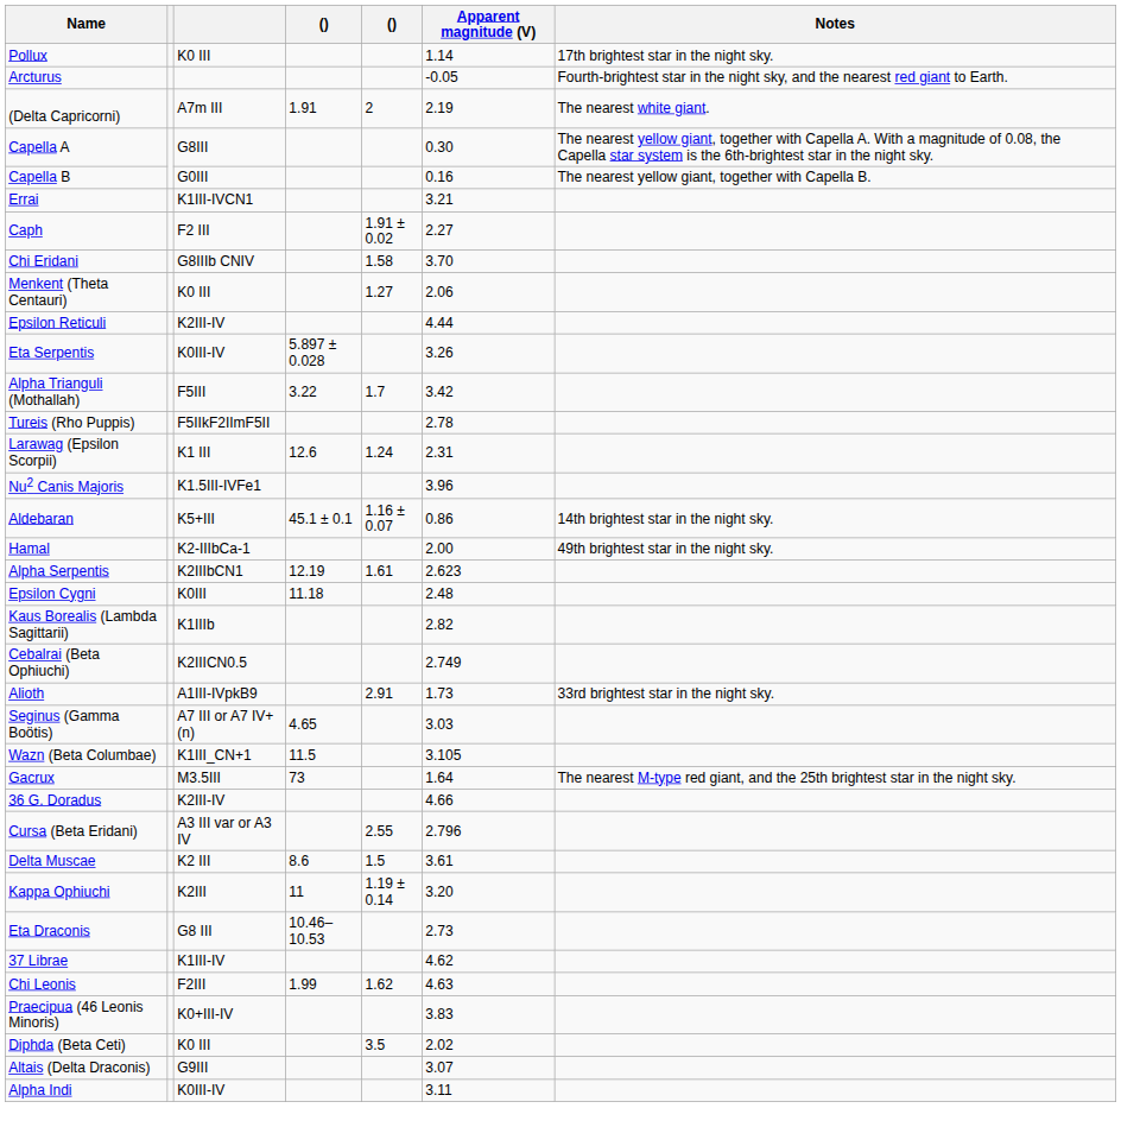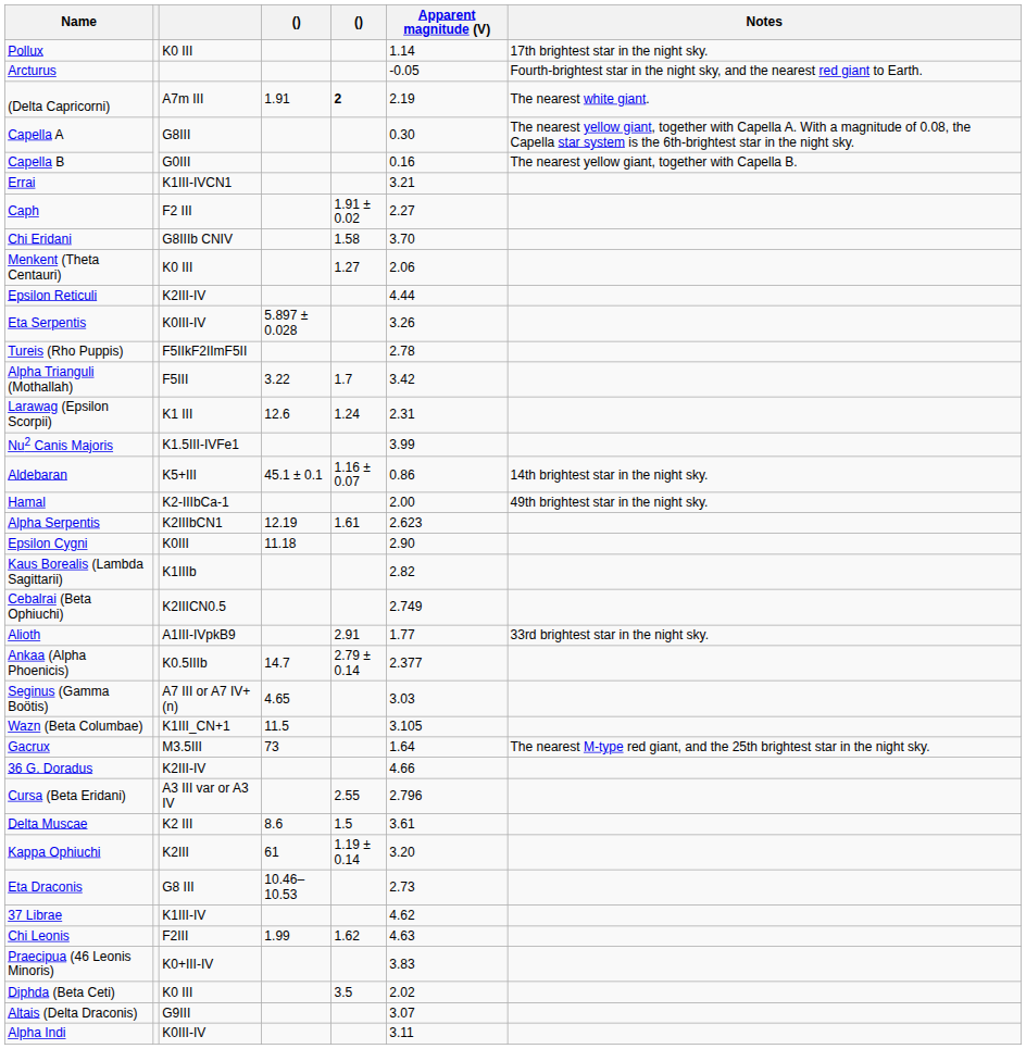 <table class="wikitable sortable sticky-header">
 <tr>
 <th>Name</th>
 <th></th>
 <th></th>
 <th> ()</th>
 <th> ()</th>
 <th><a href='#'>Apparent magnitude</a> (V)</th>
 <th>Notes</th>
 </tr>
 <tr>
 <td><a href='#'>Pollux</a></td>
 <td></td>
 <td style="background: ">K0 III</td>
 <td></td>
 <td></td>
 <td>1.14</td>
 <td>17th brightest star in the night sky.</td>
 </tr>
 <tr>
 <td><a href='#'>Arcturus</a></td>
 <td></td>
 <td style="background: "></td>
 <td></td>
 <td></td>
 <td>-0.05</td>
 <td>Fourth-brightest star in the night sky, and the nearest <a href='#'>red giant</a> to Earth.</td>
 </tr>
 <tr>
 <td><br>(Delta Capricorni)</td>
 <td></td>
 <td style="background: ">A7m III</td>
 <td>1.91</td>
-<td>2</td>
+<td><strong>2</strong></td>
 <td>2.19</td>
 <td>The nearest <a href='#'>white giant</a>.</td>
 </tr>
 <tr>
 <td><a href='#'>Capella</a> A</td>
 <td rowspan="2"></td>
 <td style="background: ">G8III</td>
 <td></td>
 <td></td>
 <td>0.30</td>
 <td>The nearest <a href='#'>yellow giant</a>, together with Capella A. With a magnitude of 0.08, the Capella <a href='#'>star system</a> is the 6th-brightest star in the night sky.</td>
 </tr>
 <tr>
 <td><a href='#'>Capella</a> B</td>
 <td style="background: ">G0III</td>
 <td></td>
 <td></td>
 <td>0.16</td>
 <td>The nearest yellow giant, together with Capella B.</td>
 </tr>
 <tr>
 <td><a href='#'>Errai</a> </td>
 <td></td>
 <td style="background: ">K1III-IVCN1</td>
 <td></td>
 <td></td>
 <td>3.21</td>
 <td></td>
 </tr>
 <tr>
 <td><a href='#'>Caph</a> </td>
 <td></td>
 <td style="background: ">F2 III</td>
 <td></td>
 <td>1.91 ± 0.02</td>
 <td>2.27 </td>
 <td></td>
 </tr>
 <tr>
 <td><a href='#'>Chi Eridani</a></td>
 <td></td>
 <td style="background: ">G8IIIb CNIV</td>
 <td></td>
 <td>1.58</td>
 <td>3.70</td>
 <td></td>
 </tr>
 <tr>
 <td><a href='#'>Menkent</a> (Theta Centauri)</td>
 <td></td>
 <td style="background: ">K0 III</td>
 <td></td>
 <td>1.27</td>
 <td>2.06</td>
 <td></td>
 </tr>
 <tr>
 <td><a href='#'>Epsilon Reticuli</a></td>
 <td></td>
 <td style="background: ">K2III-IV</td>
 <td></td>
 <td></td>
 <td>4.44</td>
 <td></td>
 </tr>
 <tr>
 <td><a href='#'>Eta Serpentis</a></td>
 <td></td>
 <td style="background: ">K0III-IV</td>
 <td>5.897 ± 0.028</td>
 <td></td>
 <td>3.26</td>
 <td></td>
 </tr>
 <tr>
+<td><a href='#'>Tureis</a> (Rho Puppis)</td>
+<td></td>
+<td style="background: ">F5IIkF2IImF5II</td>
+<td></td>
+<td></td>
+<td>2.78 </td>
+<td></td>
+</tr>
+<tr>
 <td><a href='#'>Alpha Trianguli</a> (Mothallah)</td>
 <td></td>
 <td style="background: ">F5III</td>
 <td>3.22</td>
 <td>1.7</td>
 <td>3.42</td>
-<td></td>
-</tr>
-<tr>
-<td><a href='#'>Tureis</a> (Rho Puppis)</td>
-<td></td>
-<td style="background: ">F5IIkF2IImF5II</td>
-<td></td>
-<td></td>
-<td>2.78 </td>
 <td></td>
 </tr>
 <tr>
 <td><a href='#'>Larawag</a> (Epsilon Scorpii)</td>
 <td></td>
 <td style="background: ">K1 III</td>
 <td>12.6</td>
 <td>1.24</td>
 <td>2.31 </td>
 <td></td>
 </tr>
 <tr>
 <td><a href='#'>Nu<sup>2</sup> Canis Majoris</a></td>
 <td></td>
 <td style="background: ">K1.5III-IVFe1</td>
 <td></td>
 <td></td>
-<td>3.96</td>
+<td>3.99</td>
 <td></td>
 </tr>
 <tr>
 <td><a href='#'>Aldebaran</a></td>
 <td></td>
 <td style="background: ">K5+III</td>
 <td> 45.1 ± 0.1</td>
 <td>1.16 ± 0.07</td>
 <td>0.86 </td>
 <td>14th brightest star in the night sky.</td>
 </tr>
 <tr>
 <td><a href='#'>Hamal</a></td>
 <td></td>
 <td style="background: ">K2-IIIbCa-1</td>
 <td></td>
 <td></td>
 <td>2.00</td>
 <td>49th brightest star in the night sky.</td>
 </tr>
 <tr>
 <td><a href='#'>Alpha Serpentis</a></td>
 <td></td>
 <td style="background: ">K2IIIbCN1</td>
 <td>12.19</td>
 <td>1.61</td>
 <td>2.623</td>
 <td></td>
 </tr>
 <tr>
 <td><a href='#'>Epsilon Cygni</a></td>
 <td></td>
 <td style="background: ">K0III</td>
 <td>11.18</td>
 <td></td>
-<td>2.48</td>
+<td>2.90</td>
 <td></td>
 </tr>
 <tr>
 <td><a href='#'>Kaus Borealis</a> (Lambda Sagittarii)</td>
 <td></td>
 <td style="background: ">K1IIIb</td>
 <td></td>
 <td></td>
 <td>2.82</td>
 <td></td>
 </tr>
 <tr>
 <td><a href='#'>Cebalrai</a> (Beta Ophiuchi)</td>
 <td></td>
 <td style="background: ">K2IIICN0.5</td>
 <td></td>
 <td></td>
 <td>2.749</td>
 <td></td>
 </tr>
 <tr>
 <td><a href='#'>Alioth</a></td>
 <td></td>
 <td style="background: ">A1III-IVpkB9</td>
 <td></td>
 <td>2.91</td>
-<td>1.73</td>
+<td>1.77</td>
 <td>33rd brightest star in the night sky.</td>
+</tr>
+<tr>
+<td><a href='#'>Ankaa</a> (Alpha Phoenicis)</td>
+<td></td>
+<td style="background: ">K0.5IIIb</td>
+<td>14.7</td>
+<td>2.79 ± 0.14</td>
+<td>2.377</td>
+<td></td>
 </tr>
 <tr>
 <td><a href='#'>Seginus</a> (Gamma Boötis)</td>
 <td></td>
 <td style="background: ">A7 III or A7 IV+(n)</td>
 <td>4.65</td>
 <td></td>
 <td>3.03 </td>
 <td></td>
 </tr>
 <tr>
 <td><a href='#'>Wazn</a> (Beta Columbae)</td>
 <td></td>
 <td style="background: ">K1III_CN+1</td>
 <td>11.5</td>
 <td></td>
 <td>3.105</td>
 <td></td>
 </tr>
 <tr>
 <td><a href='#'>Gacrux</a></td>
 <td></td>
 <td style="background: ">M3.5III</td>
 <td>73</td>
 <td></td>
 <td>1.64</td>
 <td>The nearest <a href='#'>M-type</a> red giant, and the 25th brightest star in the night sky.</td>
 </tr>
 <tr>
 <td><a href='#'>36 G. Doradus</a></td>
 <td></td>
 <td style="background: ">K2III-IV</td>
 <td></td>
 <td></td>
 <td>4.66</td>
 <td></td>
 </tr>
 <tr>
 <td><a href='#'>Cursa</a> (Beta Eridani)</td>
 <td></td>
 <td style="background: ">A3 III var or A3 IV</td>
 <td></td>
 <td>2.55</td>
 <td>2.796</td>
 <td></td>
 </tr>
 <tr>
 <td><a href='#'>Delta Muscae</a></td>
 <td></td>
 <td style="background: ">K2 III</td>
 <td>8.6</td>
 <td>1.5</td>
 <td>3.61</td>
 <td></td>
 </tr>
 <tr>
 <td><a href='#'>Kappa Ophiuchi</a></td>
 <td></td>
 <td style="background: ">K2III</td>
-<td>11</td>
+<td>61</td>
 <td>1.19 ± 0.14</td>
 <td>3.20</td>
 <td></td>
 </tr>
 <tr>
 <td><a href='#'>Eta Draconis</a></td>
 <td></td>
 <td style="background: ">G8 III</td>
 <td>10.46–10.53</td>
 <td></td>
 <td>2.73</td>
 <td></td>
 </tr>
 <tr>
 <td><a href='#'>37 Librae</a></td>
 <td></td>
 <td style="background: ">K1III-IV</td>
 <td></td>
 <td></td>
 <td>4.62</td>
 <td></td>
 </tr>
 <tr>
 <td><a href='#'>Chi Leonis</a></td>
 <td></td>
 <td style="background: ">F2III</td>
 <td>1.99</td>
 <td>1.62</td>
 <td>4.63</td>
 <td></td>
 </tr>
 <tr>
 <td><a href='#'>Praecipua</a> (46 Leonis Minoris)</td>
 <td></td>
 <td style="background: ">K0+III-IV</td>
 <td></td>
 <td></td>
 <td>3.83 </td>
 <td></td>
 </tr>
 <tr>
 <td><a href='#'>Diphda</a> (Beta Ceti)</td>
 <td></td>
 <td style="background: ">K0 III</td>
 <td></td>
 <td>3.5</td>
 <td>2.02</td>
 <td></td>
 </tr>
 <tr>
 <td><a href='#'>Altais</a> (Delta Draconis)</td>
 <td></td>
 <td style="background: ">G9III</td>
 <td></td>
 <td></td>
 <td>3.07</td>
 <td></td>
 </tr>
 <tr>
 <td><a href='#'>Alpha Indi</a></td>
 <td></td>
 <td style="background: ">K0III-IV</td>
 <td></td>
 <td></td>
 <td>3.11</td>
 <td></td>
 </tr>
 </table>
